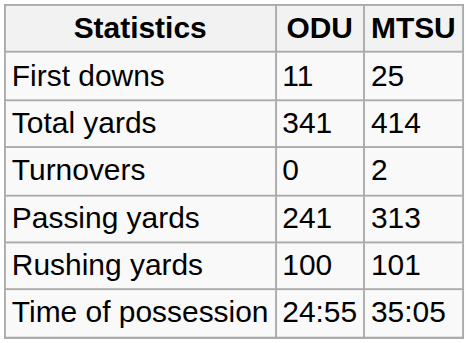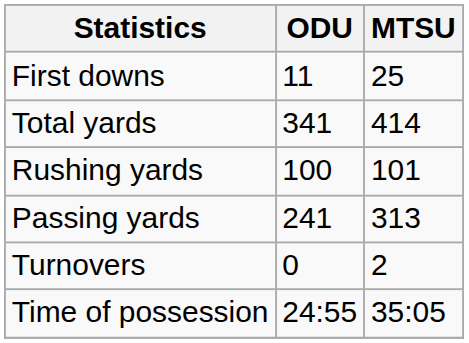 <table class="wikitable">
 <tr>
 <th>Statistics</th>
 <th>ODU</th>
 <th>MTSU</th>
 </tr>
 <tr>
 <td>First downs</td>
 <td>11</td>
 <td>25</td>
 </tr>
 <tr>
 <td>Total yards</td>
 <td>341</td>
 <td>414</td>
 </tr>
 <tr>
-<td>Turnovers</td>
-<td>0</td>
-<td>2</td>
+<td>Rushing yards</td>
+<td>100</td>
+<td>101</td>
 </tr>
 <tr>
 <td>Passing yards</td>
 <td>241</td>
 <td>313</td>
 </tr>
 <tr>
-<td>Rushing yards</td>
-<td>100</td>
-<td>101</td>
+<td>Turnovers</td>
+<td>0</td>
+<td>2</td>
 </tr>
 <tr>
 <td>Time of possession</td>
 <td>24:55</td>
 <td>35:05</td>
 </tr>
 <tr>
 </tr>
 </table>
